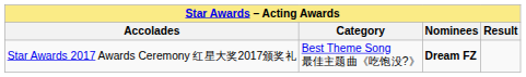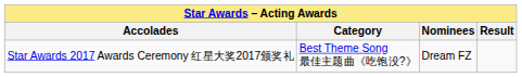 <table class="wikitable sortable">
 <tr>
 <th colspan="4" -  style="background:#faeb86; text-align:center;"><a href='#'>Star Awards</a> – Acting Awards</th>
 </tr>
 <tr>
 <th>Accolades</th>
 <th>Category</th>
 <th>Nominees</th>
 <th>Result</th>
 </tr>
 <tr>
 <td><a href='#'>Star Awards 2017</a> Awards Ceremony 红星大奖2017颁奖礼</td>
 <td><a href='#'>Best Theme Song</a> <br> 最佳主题曲《吃饱没?》</td>
-<td><strong>Dream FZ</strong></td>
+<td>Dream FZ</td>
 <td></td>
 </tr>
 </table>
